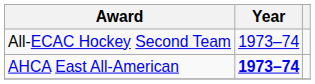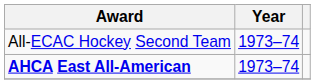 <table class="wikitable">
 <tr>
 <th>Award</th>
 <th>Year</th>
 <th></th>
 </tr>
 <tr>
 <td>All-<a href='#'>ECAC Hockey</a> <a href='#'>Second Team</a></td>
 <td><a href='#'>1973–74</a></td>
 <td></td>
 </tr>
 <tr>
-<td><a href='#'>AHCA</a> <a href='#'>East All-American</a></td>
-<td><strong><a href='#'>1973–74</a></strong></td>
+<td><strong><a href='#'>AHCA</a> <a href='#'>East All-American</a></strong></td>
+<td><a href='#'>1973–74</a></td>
 <td></td>
 </tr>
 <tr>
 </tr>
 </table>
